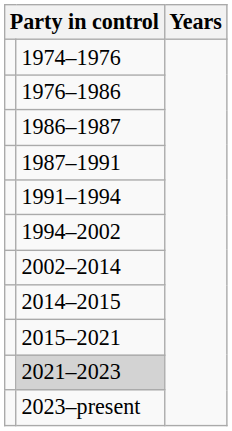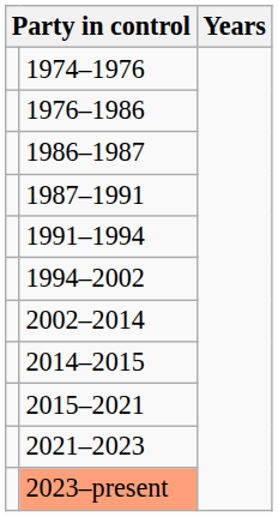 <table class="wikitable">
 <tr>
 <th colspan="2">Party in control</th>
 <th>Years</th>
 </tr>
 <tr>
 <td></td>
 <td>1974–1976</td>
 </tr>
 <tr>
 <td></td>
 <td>1976–1986</td>
 </tr>
 <tr>
 <td></td>
 <td>1986–1987</td>
 </tr>
 <tr>
 <td></td>
 <td>1987–1991</td>
 </tr>
 <tr>
 <td></td>
 <td>1991–1994</td>
 </tr>
 <tr>
 <td></td>
 <td>1994–2002</td>
 </tr>
 <tr>
 <td></td>
 <td>2002–2014</td>
 </tr>
 <tr>
 <td></td>
 <td>2014–2015</td>
 </tr>
 <tr>
 <td></td>
 <td>2015–2021</td>
 </tr>
 <tr>
 <td></td>
-<td style="background: lightgrey;">2021–2023</td>
+<td>2021–2023</td>
 </tr>
 <tr>
 <td></td>
-<td>2023–present</td>
+<td style="background: lightsalmon;">2023–present</td>
 </tr>
 </table>
